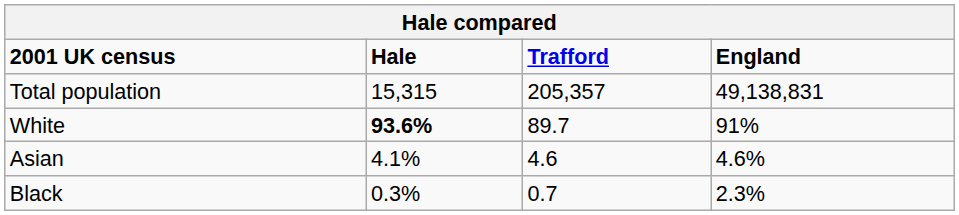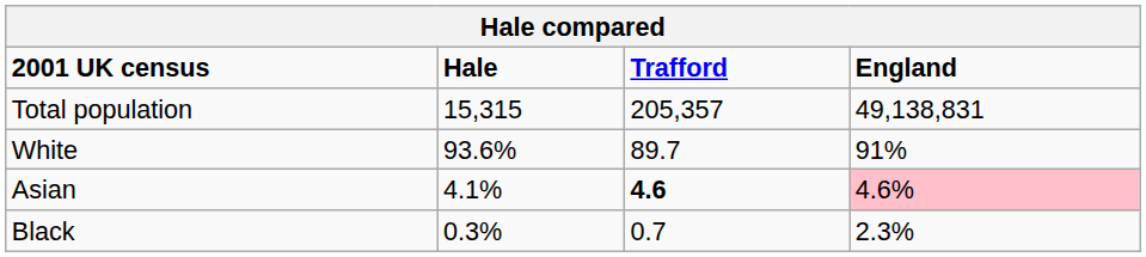 <table class="wikitable" style="float: right; margin-left: 2em; width: 40%; font-size: 90%;" cellspacing="3">
 <tr>
 <th colspan="4"><strong>Hale compared</strong></th>
 </tr>
 <tr>
 <td><strong>2001 UK census</strong></td>
 <td><strong>Hale</strong></td>
 <td><strong><a href='#'>Trafford</a></strong></td>
 <td><strong>England</strong></td>
 </tr>
 <tr>
 <td>Total population</td>
 <td>15,315</td>
 <td>205,357</td>
 <td>49,138,831</td>
 </tr>
 <tr>
 <td>White</td>
-<td><strong>93.6%</strong></td>
+<td>93.6%</td>
 <td>89.7</td>
 <td>91%</td>
 </tr>
 <tr>
 <td>Asian</td>
 <td>4.1%</td>
-<td>4.6</td>
-<td>4.6%</td>
+<td><strong>4.6</strong></td>
+<td style="background: pink;">4.6%</td>
 </tr>
 <tr>
 <td>Black</td>
 <td>0.3%</td>
 <td>0.7</td>
 <td>2.3%</td>
 </tr>
 </table>
